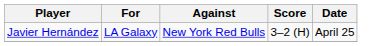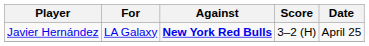 <table class="wikitable">
 <tr>
 <th>Player</th>
 <th>For</th>
 <th>Against</th>
 <th>Score</th>
 <th>Date</th>
 </tr>
 <tr>
 <td> <a href='#'>Javier Hernández</a></td>
 <td><a href='#'>LA Galaxy</a></td>
-<td><a href='#'>New York Red Bulls</a></td>
+<td><strong><a href='#'>New York Red Bulls</a></strong></td>
 <td>3–2 (H)</td>
 <td>April 25</td>
 </tr>
 <tr>
 </tr>
 </table>
